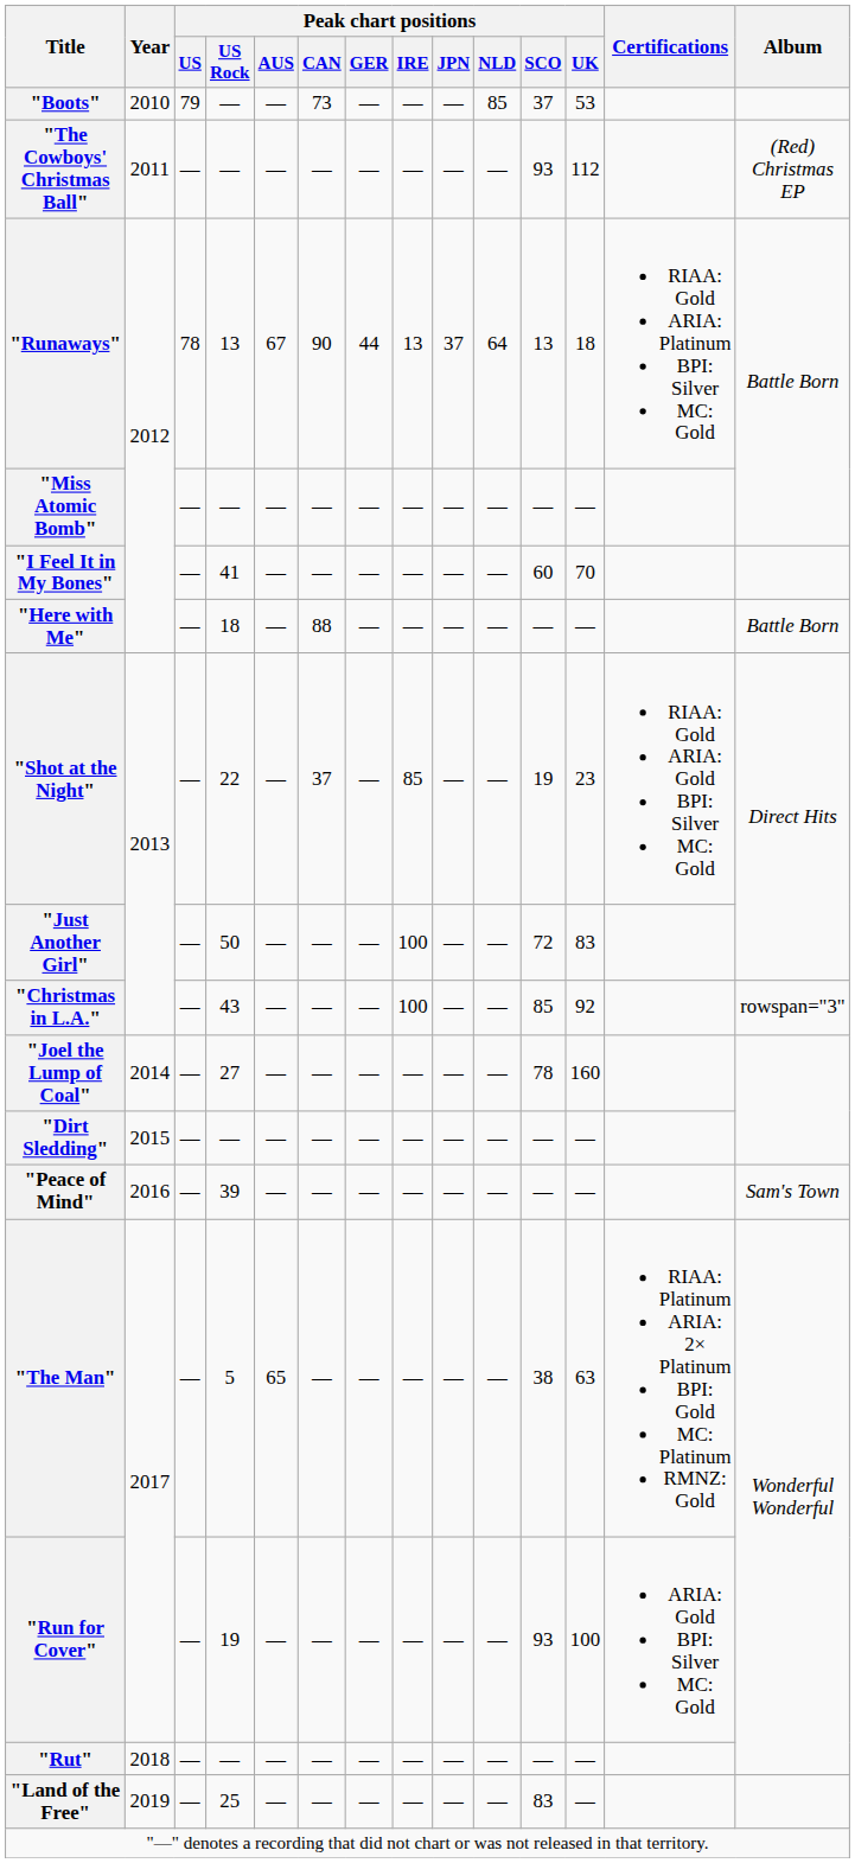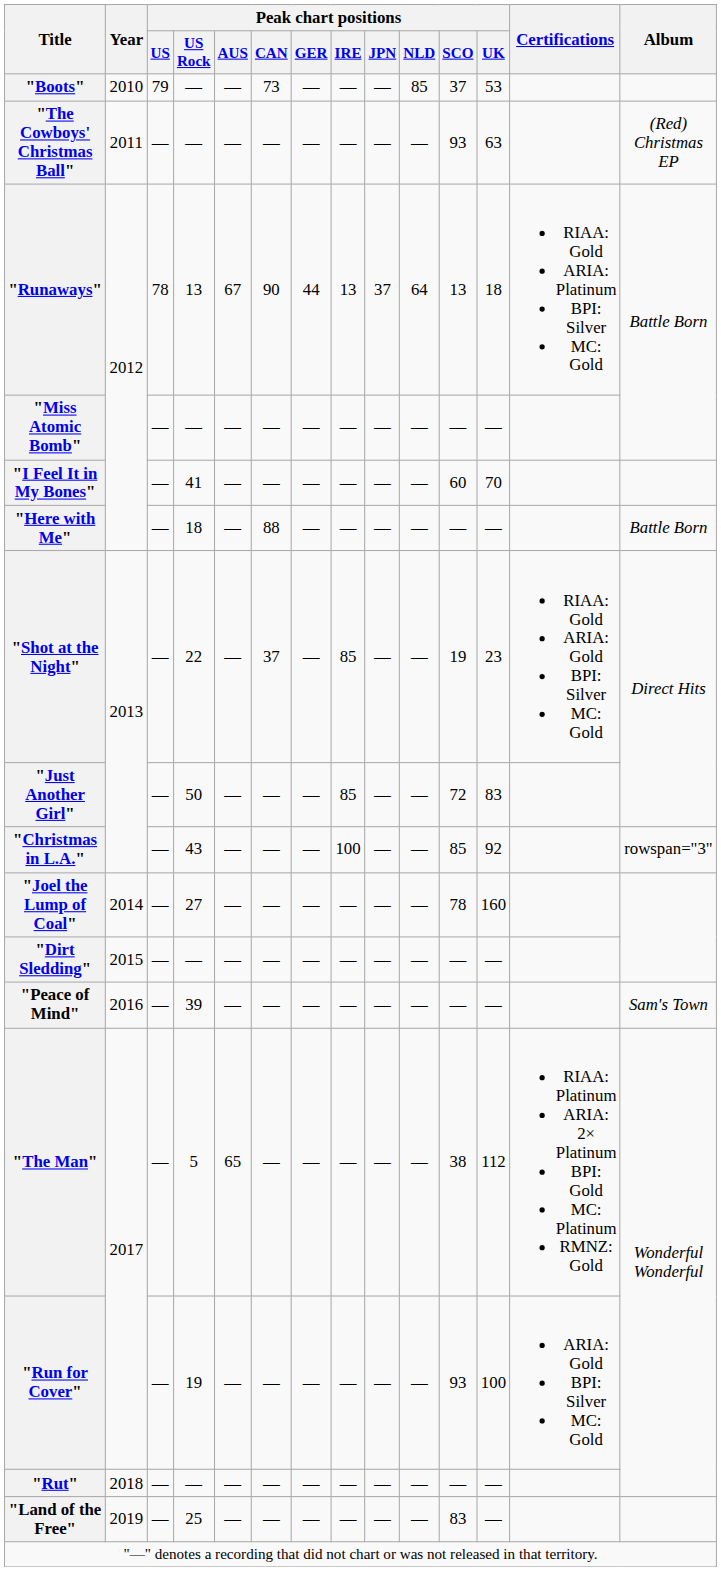 <table class="wikitable plainrowheaders" style="text-align:center;">
 <tr>
 <th scope="col" rowspan="2" style="width:18em;">Title</th>
 <th scope="col" rowspan="2" style="width:1em;">Year</th>
 <th scope="col" colspan="10">Peak chart positions</th>
 <th scope="col" rowspan="2" style="width:13em;"><a href='#'>Certifications</a></th>
 <th scope="col" rowspan="2" style="width:13em;">Album</th>
 </tr>
 <tr>
 <th scope="col" style="width:2.5em;font-size:90%;"><a href='#'>US</a><br></th>
 <th scope="col" style="width:2.5em;font-size:90%;"><a href='#'>US<br>Rock</a><br></th>
 <th scope="col" style="width:2.5em;font-size:90%;"><a href='#'>AUS</a><br></th>
 <th scope="col" style="width:2.5em;font-size:90%;"><a href='#'>CAN</a><br></th>
 <th scope="col" style="width:2.5em;font-size:90%;"><a href='#'>GER</a><br></th>
 <th scope="col" style="width:2.5em;font-size:90%;"><a href='#'>IRE</a><br></th>
 <th scope="col" style="width:2.5em;font-size:90%;"><a href='#'>JPN</a><br></th>
 <th scope="col" style="width:2.5em;font-size:90%;"><a href='#'>NLD</a><br></th>
 <th scope="col" style="width:2.5em;font-size:90%;"><a href='#'>SCO</a><br></th>
 <th scope="col" style="width:2.5em;font-size:90%;"><a href='#'>UK</a><br></th>
 </tr>
 <tr>
 <th scope="row">"<a href='#'>Boots</a>"</th>
 <td>2010</td>
 <td>79</td>
 <td>—</td>
 <td>—</td>
 <td>73</td>
 <td>—</td>
 <td>—</td>
 <td>—</td>
 <td>85</td>
 <td>37</td>
 <td>53</td>
 <td></td>
 <td></td>
 </tr>
 <tr>
 <th scope="row">"<a href='#'>The Cowboys' Christmas Ball</a>"</th>
 <td>2011</td>
 <td>—</td>
 <td>—</td>
 <td>—</td>
 <td>—</td>
 <td>—</td>
 <td>—</td>
 <td>—</td>
 <td>—</td>
 <td>93</td>
-<td>112</td>
+<td>63</td>
 <td></td>
 <td><em>(Red) Christmas EP</em></td>
 </tr>
 <tr>
 <th scope="row">"<a href='#'>Runaways</a>"</th>
 <td rowspan="4">2012</td>
 <td>78</td>
 <td>13</td>
 <td>67</td>
 <td>90</td>
 <td>44</td>
 <td>13</td>
 <td>37</td>
 <td>64</td>
 <td>13</td>
 <td>18</td>
 <td><br><ul><li>RIAA: Gold</li><li>ARIA: Platinum</li><li>BPI: Silver</li><li>MC: Gold</li></ul></td>
 <td rowspan="2"><em>Battle Born</em></td>
 </tr>
 <tr>
 <th scope="row">"<a href='#'>Miss Atomic Bomb</a>"</th>
 <td>—</td>
 <td>—</td>
 <td>—</td>
 <td>—</td>
 <td>—</td>
 <td>—</td>
 <td>—</td>
 <td>—</td>
 <td>—</td>
 <td>—</td>
 <td></td>
 </tr>
 <tr>
 <th scope="row">"<a href='#'>I Feel It in My Bones</a>"</th>
 <td>—</td>
 <td>41</td>
 <td>—</td>
 <td>—</td>
 <td>—</td>
 <td>—</td>
 <td>—</td>
 <td>—</td>
 <td>60</td>
 <td>70</td>
 <td></td>
 <td></td>
 </tr>
 <tr>
 <th scope="row">"<a href='#'>Here with Me</a>"</th>
 <td>—</td>
 <td>18</td>
 <td>—</td>
 <td>88</td>
 <td>—</td>
 <td>—</td>
 <td>—</td>
 <td>—</td>
 <td>—</td>
 <td>—</td>
 <td></td>
 <td><em>Battle Born</em></td>
 </tr>
 <tr>
 <th scope="row">"<a href='#'>Shot at the Night</a>"</th>
 <td rowspan="3">2013</td>
 <td>—</td>
 <td>22</td>
 <td>—</td>
 <td>37</td>
 <td>—</td>
 <td>85</td>
 <td>—</td>
 <td>—</td>
 <td>19</td>
 <td>23</td>
 <td><br><ul><li>RIAA: Gold</li><li>ARIA: Gold</li><li>BPI: Silver</li><li>MC: Gold</li></ul></td>
 <td rowspan="2"><em>Direct Hits</em></td>
 </tr>
 <tr>
 <th scope="row">"<a href='#'>Just Another Girl</a>"</th>
 <td>—</td>
 <td>50</td>
 <td>—</td>
 <td>—</td>
 <td>—</td>
-<td>100</td>
+<td>85</td>
 <td>—</td>
 <td>—</td>
 <td>72</td>
 <td>83</td>
 </tr>
 <tr>
 <th scope="row">"<a href='#'>Christmas in L.A.</a>"<br></th>
 <td>—</td>
 <td>43</td>
 <td>—</td>
 <td>—</td>
 <td>—</td>
 <td>100</td>
 <td>—</td>
 <td>—</td>
 <td>85</td>
 <td>92</td>
 <td></td>
 <td>rowspan="3" </td>
 </tr>
 <tr>
 <th scope="row">"<a href='#'>Joel the Lump of Coal</a>"<br></th>
 <td>2014</td>
 <td>—</td>
 <td>27</td>
 <td>—</td>
 <td>—</td>
 <td>—</td>
 <td>—</td>
 <td>—</td>
 <td>—</td>
 <td>78</td>
 <td>160</td>
 <td></td>
 </tr>
 <tr>
 <th scope="row">"<a href='#'>Dirt Sledding</a>"<br></th>
 <td>2015</td>
 <td>—</td>
 <td>—</td>
 <td>—</td>
 <td>—</td>
 <td>—</td>
 <td>—</td>
 <td>—</td>
 <td>—</td>
 <td>—</td>
 <td>—</td>
 <td></td>
 </tr>
 <tr>
 <th scope="row">"Peace of Mind"</th>
 <td>2016</td>
 <td>—</td>
 <td>39</td>
 <td>—</td>
 <td>—</td>
 <td>—</td>
 <td>—</td>
 <td>—</td>
 <td>—</td>
 <td>—</td>
 <td>—</td>
 <td></td>
 <td><em>Sam's Town</em><br></td>
 </tr>
 <tr>
 <th scope="row">"<a href='#'>The Man</a>"</th>
 <td rowspan="2">2017</td>
 <td>—</td>
 <td>5</td>
 <td>65</td>
 <td>—</td>
 <td>—</td>
 <td>—</td>
 <td>—</td>
 <td>—</td>
 <td>38</td>
-<td>63</td>
+<td>112</td>
 <td><br><ul><li>RIAA: Platinum</li><li>ARIA: 2× Platinum</li><li>BPI: Gold</li><li>MC: Platinum</li><li>RMNZ: Gold</li></ul></td>
 <td rowspan="3"><em>Wonderful Wonderful</em></td>
 </tr>
 <tr>
 <th scope="row">"<a href='#'>Run for Cover</a>"</th>
 <td>—</td>
 <td>19</td>
 <td>—</td>
 <td>—</td>
 <td>—</td>
 <td>—</td>
 <td>—</td>
 <td>—</td>
 <td>93</td>
 <td>100</td>
 <td><br><ul><li>ARIA: Gold</li><li>BPI: Silver</li><li>MC: Gold</li></ul></td>
 </tr>
 <tr>
 <th scope="row">"<a href='#'>Rut</a>"</th>
 <td>2018</td>
 <td>—</td>
 <td>—</td>
 <td>—</td>
 <td>—</td>
 <td>—</td>
 <td>—</td>
 <td>—</td>
 <td>—</td>
 <td>—</td>
 <td>—</td>
 <td></td>
 </tr>
 <tr>
 <th scope="row">"Land of the Free"</th>
 <td>2019</td>
 <td>—</td>
 <td>25</td>
 <td>—</td>
 <td>—</td>
 <td>—</td>
 <td>—</td>
 <td>—</td>
 <td>—</td>
 <td>83</td>
 <td>—</td>
 <td></td>
 <td></td>
 </tr>
 <tr>
 <td colspan="16" style="font-size:90%">"—" denotes a recording that did not chart or was not released in that territory.</td>
 </tr>
 </table>
